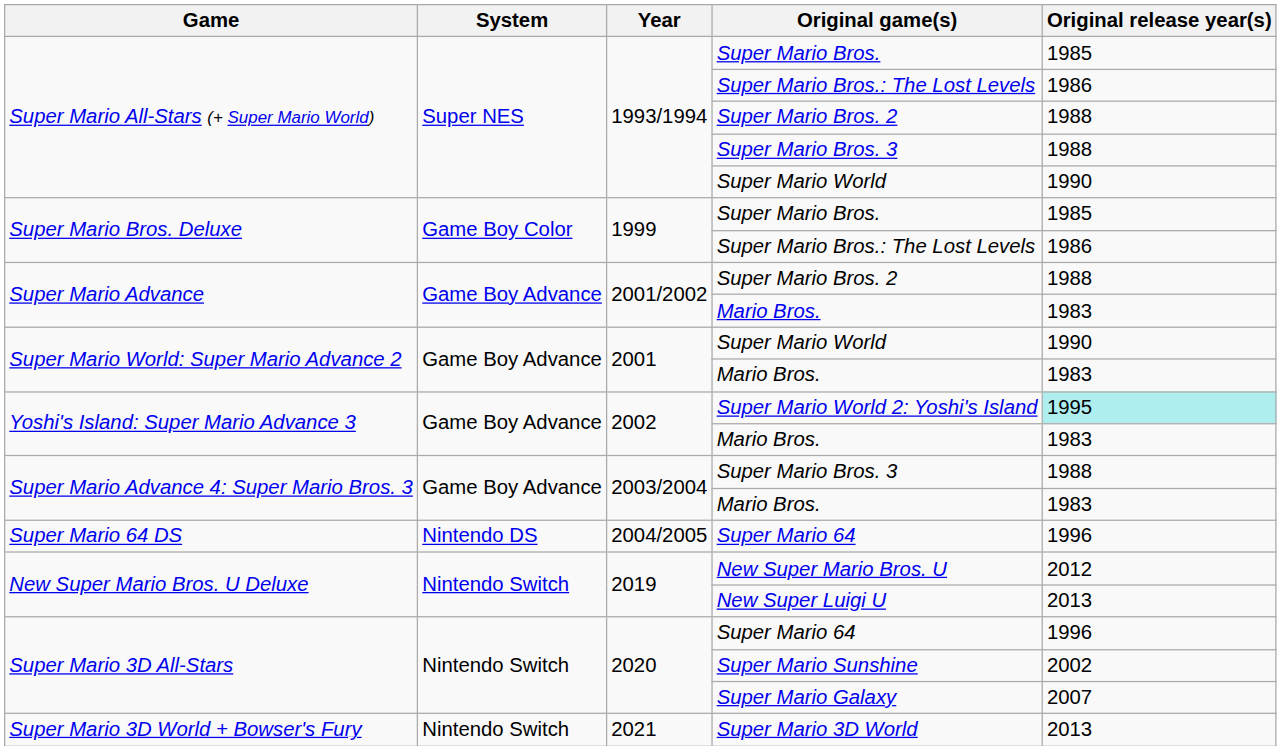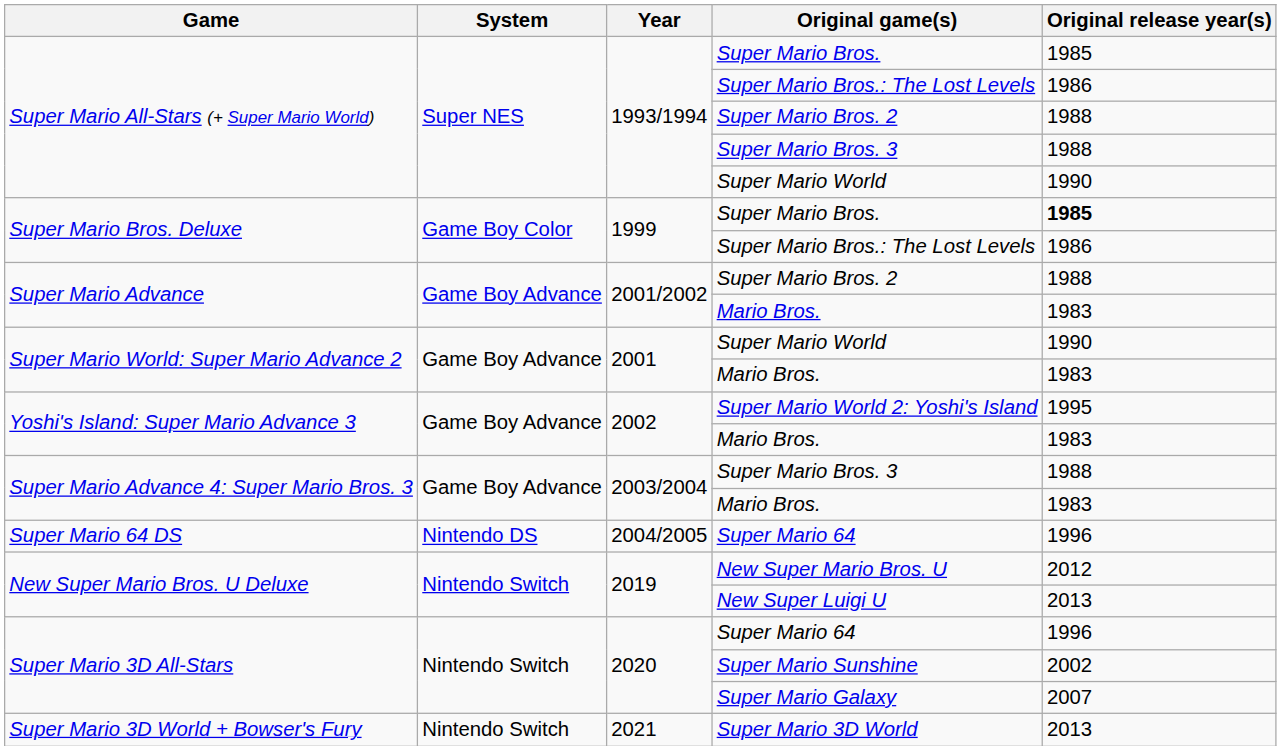 <table class="wikitable">
 <tr>
 <th>Game</th>
 <th>System</th>
 <th>Year</th>
 <th>Original game(s)</th>
 <th>Original release year(s)</th>
 </tr>
 <tr>
 <td rowspan="5"><em><a href='#'>Super Mario All-Stars</a> <small>(+ <a href='#'>Super Mario World</a>)</small></em></td>
 <td rowspan="5"><a href='#'>Super NES</a></td>
 <td rowspan="5">1993/1994</td>
 <td><em><a href='#'>Super Mario Bros.</a></em></td>
 <td>1985</td>
 </tr>
 <tr>
 <td><em><a href='#'>Super Mario Bros.: The Lost Levels</a></em></td>
 <td>1986</td>
 </tr>
 <tr>
 <td><em><a href='#'>Super Mario Bros. 2</a></em></td>
 <td>1988</td>
 </tr>
 <tr>
 <td><em><a href='#'>Super Mario Bros. 3</a></em></td>
 <td>1988</td>
 </tr>
 <tr>
 <td><em>Super Mario World</em></td>
 <td>1990</td>
 </tr>
 <tr>
 <td rowspan="2"><em><a href='#'>Super Mario Bros. Deluxe</a></em></td>
 <td rowspan="2"><a href='#'>Game Boy Color</a></td>
 <td rowspan="2">1999</td>
 <td><em>Super Mario Bros.</em></td>
-<td>1985</td>
+<td><strong>1985</strong></td>
 </tr>
 <tr>
 <td><em>Super Mario Bros.: The Lost Levels</em></td>
 <td>1986</td>
 </tr>
 <tr>
 <td rowspan="2"><em><a href='#'>Super Mario Advance</a></em></td>
 <td rowspan="2"><a href='#'>Game Boy Advance</a></td>
 <td rowspan="2">2001/2002</td>
 <td><em>Super Mario Bros. 2</em></td>
 <td>1988</td>
 </tr>
 <tr>
 <td><em><a href='#'>Mario Bros.</a></em></td>
 <td>1983</td>
 </tr>
 <tr>
 <td rowspan="2"><em><a href='#'>Super Mario World: Super Mario Advance 2</a></em></td>
 <td rowspan="2">Game Boy Advance</td>
 <td rowspan="2">2001</td>
 <td><em>Super Mario World</em></td>
 <td>1990</td>
 </tr>
 <tr>
 <td><em>Mario Bros.</em></td>
 <td>1983</td>
 </tr>
 <tr>
 <td rowspan="2"><em><a href='#'>Yoshi's Island: Super Mario Advance 3</a></em></td>
 <td rowspan="2">Game Boy Advance</td>
 <td rowspan="2">2002</td>
 <td><em><a href='#'>Super Mario World 2: Yoshi's Island</a></em></td>
-<td style="background: paleturquoise;">1995</td>
+<td>1995</td>
 </tr>
 <tr>
 <td><em>Mario Bros.</em></td>
 <td>1983</td>
 </tr>
 <tr>
 <td rowspan="2"><em><a href='#'>Super Mario Advance 4: Super Mario Bros. 3</a></em></td>
 <td rowspan="2">Game Boy Advance</td>
 <td rowspan="2">2003/2004</td>
 <td><em>Super Mario Bros. 3</em></td>
 <td>1988</td>
 </tr>
 <tr>
 <td><em>Mario Bros.</em></td>
 <td>1983</td>
 </tr>
 <tr>
 <td><em><a href='#'>Super Mario 64 DS</a></em></td>
 <td><a href='#'>Nintendo DS</a></td>
 <td>2004/2005</td>
 <td><em><a href='#'>Super Mario 64</a></em></td>
 <td>1996</td>
 </tr>
 <tr>
 <td rowspan="2"><em><a href='#'>New Super Mario Bros. U Deluxe</a></em></td>
 <td rowspan="2"><a href='#'>Nintendo Switch</a></td>
 <td rowspan="2">2019</td>
 <td><em><a href='#'>New Super Mario Bros. U</a></em></td>
 <td>2012</td>
 </tr>
 <tr>
 <td><em><a href='#'>New Super Luigi U</a></em></td>
 <td>2013</td>
 </tr>
 <tr>
 <td rowspan="3"><em><a href='#'>Super Mario 3D All-Stars</a></em></td>
 <td rowspan="3">Nintendo Switch</td>
 <td rowspan="3">2020</td>
 <td><em>Super Mario 64</em></td>
 <td>1996</td>
 </tr>
 <tr>
 <td><em><a href='#'>Super Mario Sunshine</a></em></td>
 <td>2002</td>
 </tr>
 <tr>
 <td><em><a href='#'>Super Mario Galaxy</a></em></td>
 <td>2007</td>
 </tr>
 <tr>
 <td><em><a href='#'>Super Mario 3D World + Bowser's Fury</a></em></td>
 <td>Nintendo Switch</td>
 <td>2021</td>
 <td><em><a href='#'>Super Mario 3D World</a></em></td>
 <td>2013</td>
 </tr>
 </table>
